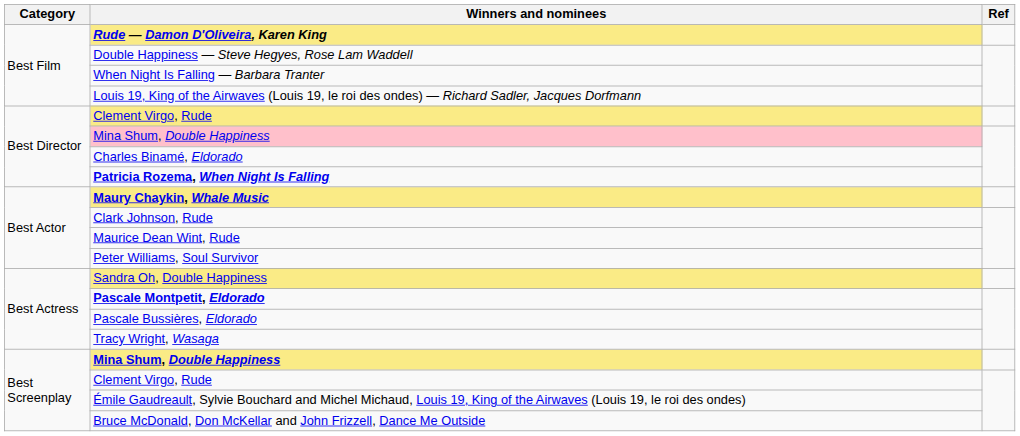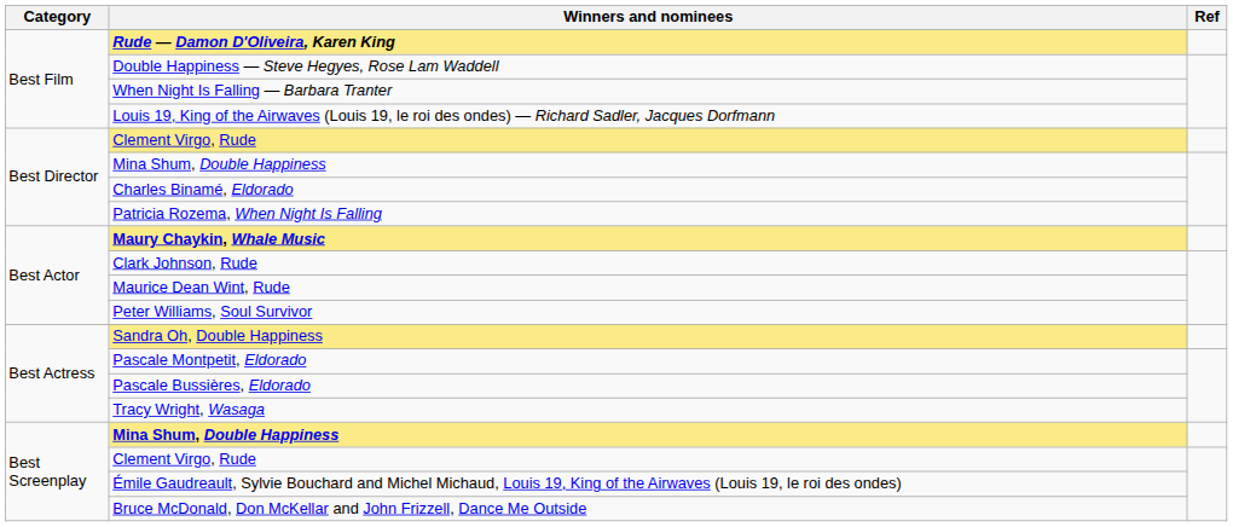 <table class="wikitable" width="100%" cellpadding="5">
 <tr>
 <th width="15"><strong>Category</strong></th>
 <th width="900"><strong>Winners and nominees</strong></th>
 <th width="15"><strong>Ref</strong></th>
 </tr>
 <tr>
 <td rowspan=4>Best Film</td>
 <td style="background:#FAEB86;"><strong><em><a href='#'>Rude</a><em> — <a href='#'>Damon D'Oliveira</a>, Karen King<strong></td>
 <td></td>
 </tr>
 <tr>
 <td></em><a href='#'>Double Happiness</a><em> — Steve Hegyes, Rose Lam Waddell</td>
 <td rowspan=3></td>
 </tr>
 <tr>
 <td></em><a href='#'>When Night Is Falling</a><em> — Barbara Tranter</td>
 </tr>
 <tr>
 <td></em><a href='#'>Louis 19, King of the Airwaves</a> (Louis 19, le roi des ondes)<em> — Richard Sadler, Jacques Dorfmann</td>
 </tr>
 <tr>
 <td rowspan=4>Best Director</td>
 <td style="background:#FAEB86;"></strong><a href='#'>Clement Virgo</a>, </em><a href='#'>Rude</a></em></strong></td>
 <td></td>
 </tr>
 <tr>
-<td style="background: pink;"><a href='#'>Mina Shum</a>, <em><a href='#'>Double Happiness</a></em></td>
+<td><a href='#'>Mina Shum</a>, <em><a href='#'>Double Happiness</a></em></td>
 <td rowspan=3></td>
 </tr>
 <tr>
 <td><a href='#'>Charles Binamé</a>, <em><a href='#'>Eldorado</a></em></td>
 </tr>
 <tr>
-<td><strong><a href='#'>Patricia Rozema</a>, <em><a href='#'>When Night Is Falling</a></em></strong></td>
+<td><a href='#'>Patricia Rozema</a>, <em><a href='#'>When Night Is Falling</a></em></td>
 </tr>
 <tr>
 <td rowspan=4>Best Actor</td>
 <td style="background:#FAEB86;"><strong><a href='#'>Maury Chaykin</a>, <em><a href='#'>Whale Music</a><strong><em></td>
 <td></td>
 </tr>
 <tr>
 <td><a href='#'>Clark Johnson</a>, </em><a href='#'>Rude</a><em></td>
 <td rowspan=3></td>
 </tr>
 <tr>
 <td><a href='#'>Maurice Dean Wint</a>, </em><a href='#'>Rude</a><em></td>
 </tr>
 <tr>
 <td><a href='#'>Peter Williams</a>, </em><a href='#'>Soul Survivor</a><em></td>
 </tr>
 <tr>
 <td rowspan=4>Best Actress</td>
 <td style="background:#FAEB86;"></strong><a href='#'>Sandra Oh</a>, </em><a href='#'>Double Happiness</a></em></strong></td>
 <td></td>
 </tr>
 <tr>
-<td><strong><a href='#'>Pascale Montpetit</a>, <em><a href='#'>Eldorado</a></em></strong></td>
+<td><a href='#'>Pascale Montpetit</a>, <em><a href='#'>Eldorado</a></em></td>
 <td rowspan=3></td>
 </tr>
 <tr>
 <td><a href='#'>Pascale Bussières</a>, <em><a href='#'>Eldorado</a></em></td>
 </tr>
 <tr>
 <td><a href='#'>Tracy Wright</a>, <em><a href='#'>Wasaga</a></em></td>
 </tr>
 <tr>
 <td rowspan=4>Best Screenplay</td>
 <td style="background:#FAEB86;"><strong><a href='#'>Mina Shum</a>, <em><a href='#'>Double Happiness</a><strong><em></td>
 <td></td>
 </tr>
 <tr>
 <td><a href='#'>Clement Virgo</a>, </em><a href='#'>Rude</a><em></td>
 <td rowspan=3></td>
 </tr>
 <tr>
 <td><a href='#'>Émile Gaudreault</a>, Sylvie Bouchard and Michel Michaud, </em><a href='#'>Louis 19, King of the Airwaves</a> (Louis 19, le roi des ondes)<em></td>
 </tr>
 <tr>
 <td><a href='#'>Bruce McDonald</a>, <a href='#'>Don McKellar</a> and <a href='#'>John Frizzell</a>, </em><a href='#'>Dance Me Outside</a><em></td>
 </tr>
 </table>
